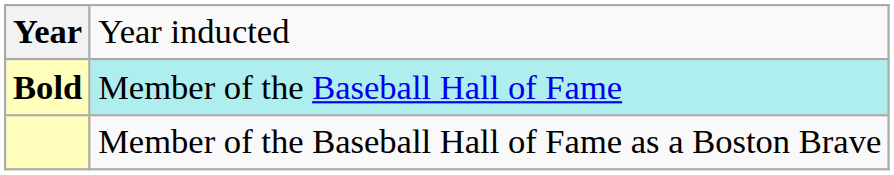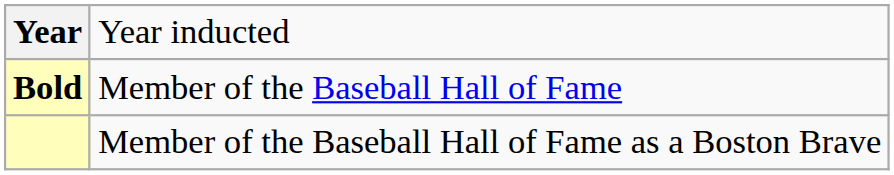 <table class="wikitable">
 <tr>
 <th scope="row">Year</th>
 <td>Year inducted</td>
 </tr>
 <tr>
 <th scope="row" style="background:#ffb;"><strong>Bold</strong></th>
-<td style="background: paleturquoise;">Member of the <a href='#'>Baseball Hall of Fame</a></td>
+<td>Member of the <a href='#'>Baseball Hall of Fame</a></td>
 </tr>
 <tr>
 <th scope="row" style="background:#ffb;"></th>
 <td>Member of the Baseball Hall of Fame as a Boston Brave</td>
 </tr>
 </table>
